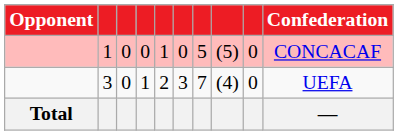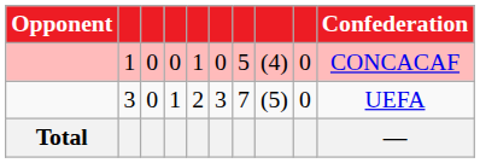 <table class="wikitable sortable" style="text-align:center;">
 <tr style="color:white">
 <th style="background-color:#ED1C24;color:white">Opponent</th>
 <th style="background-color:#ED1C24;"></th>
 <th style="background-color:#ED1C24;"></th>
 <th style="background-color:#ED1C24;"></th>
 <th style="background-color:#ED1C24;"></th>
 <th style="background-color:#ED1C24;"></th>
 <th style="background-color:#ED1C24;"></th>
 <th style="background-color:#ED1C24;"></th>
 <th style="background-color:#ED1C24;"></th>
 <th style="background-color:#ED1C24;color:white">Confederation</th>
 </tr>
 <tr bgcolor="#ffbbbb">
 <td></td>
 <td>1</td>
 <td>0</td>
 <td>0</td>
 <td>1</td>
 <td>0</td>
 <td>5</td>
-<td>(5)</td>
+<td>(4)</td>
 <td>0</td>
 <td><a href='#'>CONCACAF</a></td>
 </tr>
 <tr>
 <td></td>
 <td>3</td>
 <td>0</td>
 <td>1</td>
 <td>2</td>
 <td>3</td>
 <td>7</td>
-<td>(4)</td>
+<td>(5)</td>
 <td>0</td>
 <td><a href='#'>UEFA</a></td>
 </tr>
 <tr>
 <th>Total</th>
 <th></th>
 <th></th>
 <th></th>
 <th></th>
 <th></th>
 <th></th>
 <th></th>
 <th></th>
 <th>—</th>
 </tr>
 </table>
